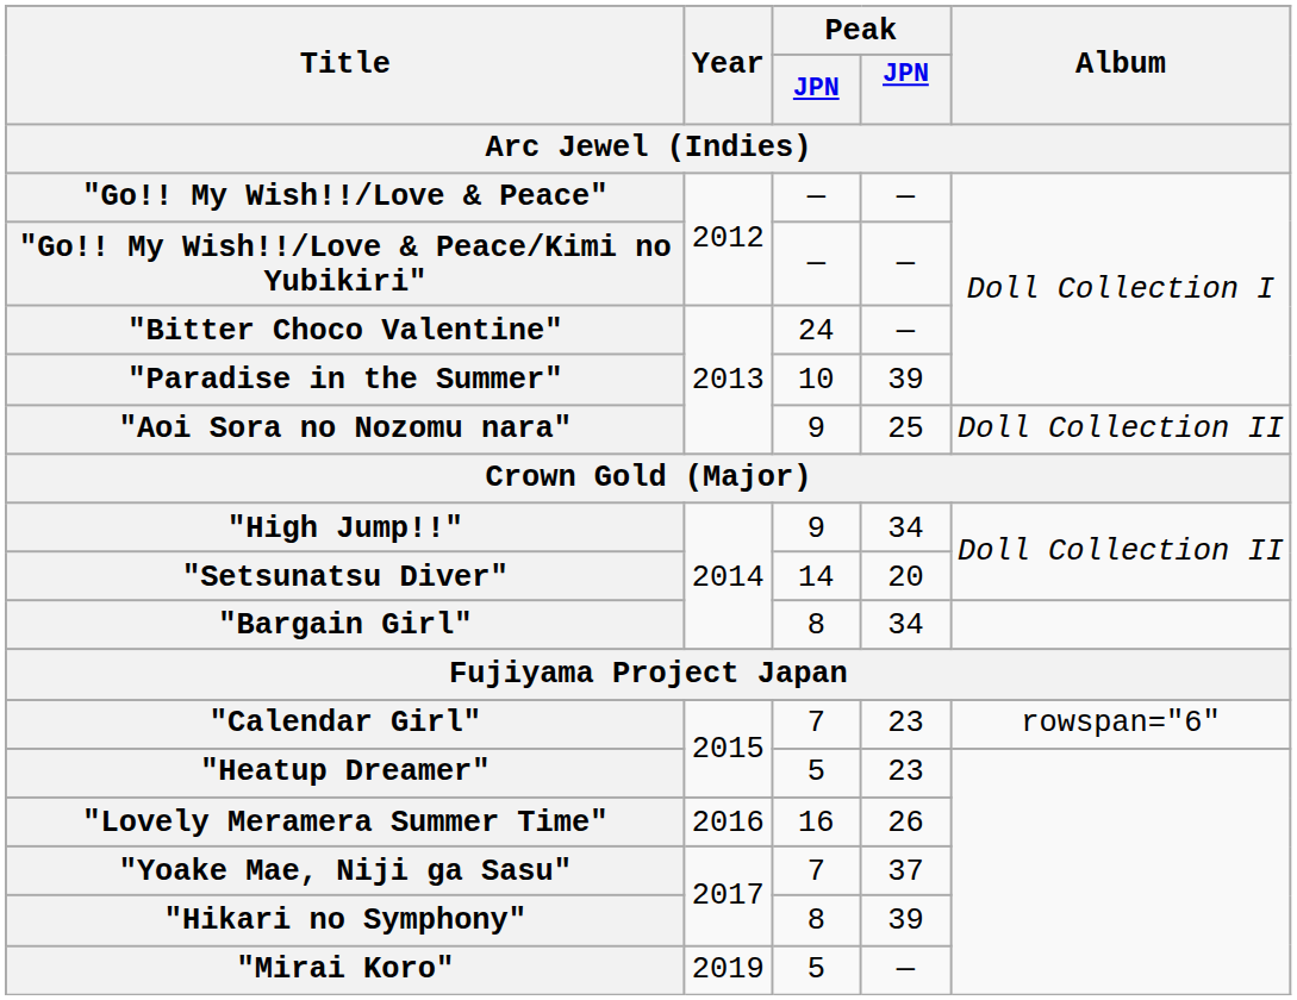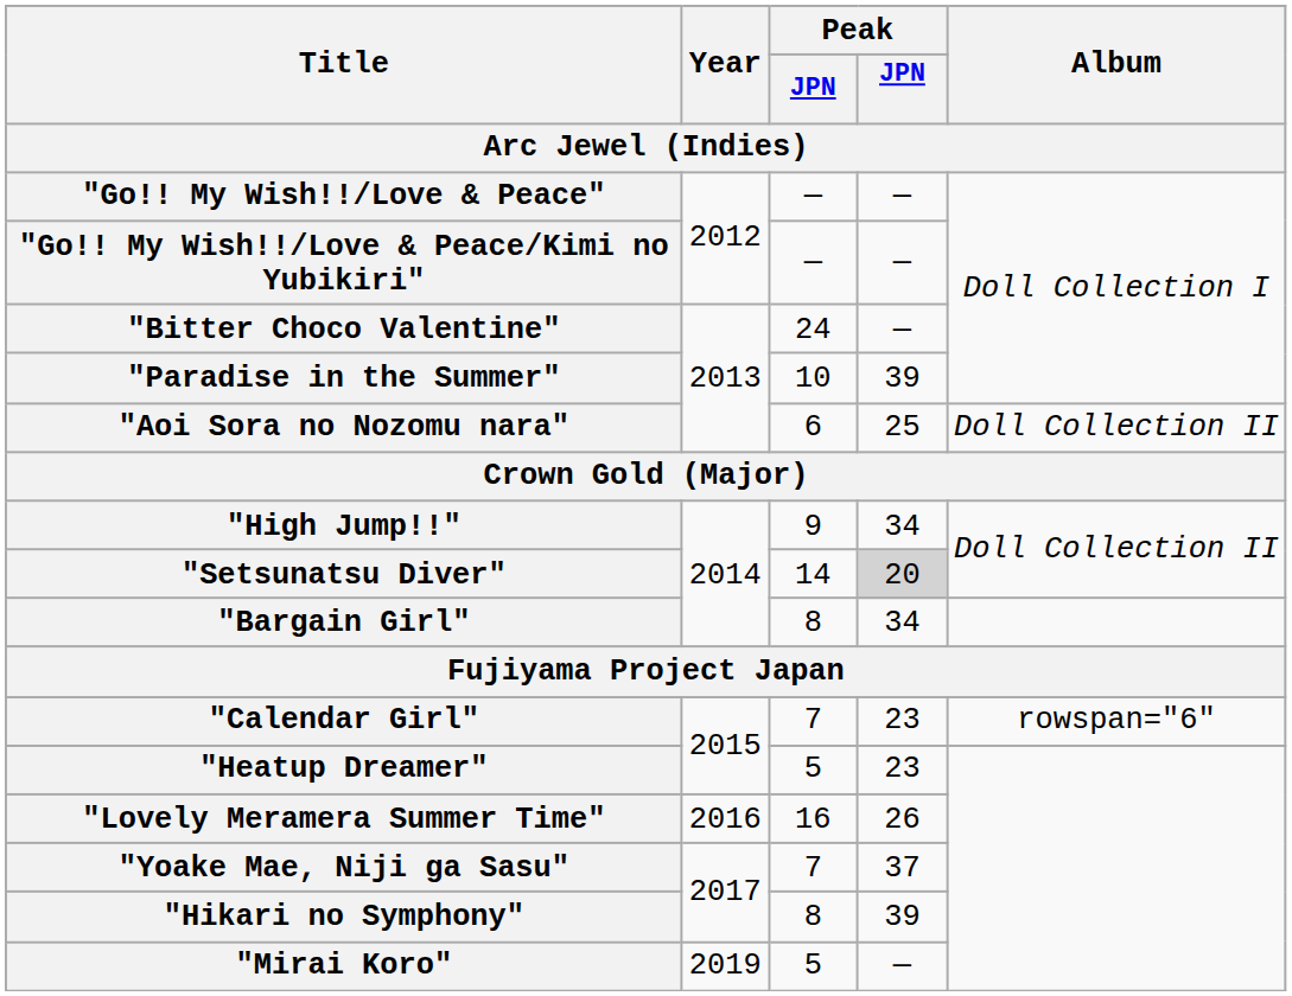 <table class="wikitable plainrowheaders" style="text-align:center;">
 <tr>
 <th scope="colw" rowspan="2" style="width:22em;">Title</th>
 <th scope="col" rowspan="2">Year</th>
 <th scope="col" colspan="2">Peak</th>
 <th scope="col" rowspan="2">Album</th>
 </tr>
 <tr>
 <th scope="col" style="width:3em;font-size:85%;"><a href='#'>JPN</a><br></th>
 <th scope="col" style="width:3em;font-size:85%;"><a href='#'>JPN</a><br><br></th>
 </tr>
 <tr>
 <th colspan="5">Arc Jewel (Indies)</th>
 </tr>
 <tr>
 <th scope="row">"Go!ǃ My Wish!ǃ/Love & Peace"</th>
 <td rowspan="2">2012</td>
 <td>—</td>
 <td>—</td>
 <td rowspan="4"><em>Doll Collection I</em></td>
 </tr>
 <tr>
 <th scope="row">"Go!ǃ My Wish!ǃ/Love & Peace/Kimi no Yubikiri"</th>
 <td>—</td>
 <td>—</td>
 </tr>
 <tr>
 <th scope="row">"Bitter Choco Valentine"</th>
 <td rowspan="3">2013</td>
 <td>24</td>
 <td>—</td>
 </tr>
 <tr>
 <th scope="row">"Paradise in the Summer"</th>
 <td>10</td>
 <td>39</td>
 </tr>
 <tr>
 <th scope="row">"Aoi Sora no Nozomu nara"</th>
-<td>9</td>
+<td>6</td>
 <td>25</td>
 <td><em>Doll Collection II</em></td>
 </tr>
 <tr>
 <th colspan="5">Crown Gold (Major)</th>
 </tr>
 <tr>
 <th scope="row">"High Jump!ǃ"</th>
 <td rowspan="3">2014</td>
 <td>9</td>
 <td>34</td>
 <td rowspan="2"><em>Doll Collection II</em></td>
 </tr>
 <tr>
 <th scope="row">"Setsunatsu Diver"</th>
 <td>14</td>
-<td>20</td>
+<td style="background: lightgrey;">20</td>
 </tr>
 <tr>
 <th scope="row">"Bargain Girl"</th>
 <td>8</td>
 <td>34</td>
 <td></td>
 </tr>
 <tr>
 <th colspan="5">Fujiyama Project Japan</th>
 </tr>
 <tr>
 <th scope="row">"Calendar Girl"</th>
 <td rowspan="2">2015</td>
 <td>7</td>
 <td>23</td>
 <td>rowspan="6" </td>
 </tr>
 <tr>
 <th scope="row">"Heatup Dreamer"</th>
 <td>5</td>
 <td>23</td>
 </tr>
 <tr>
 <th scope="row">"Lovely Meramera Summer Time"</th>
 <td>2016</td>
 <td>16</td>
 <td>26</td>
 </tr>
 <tr>
 <th scope="row">"Yoake Mae, Niji ga Sasu"</th>
 <td rowspan="2">2017</td>
 <td>7</td>
 <td>37</td>
 </tr>
 <tr>
 <th scope="row">"Hikari no Symphony"</th>
 <td>8</td>
 <td>39</td>
 </tr>
 <tr>
 <th scope="row">"Mirai Koro"</th>
 <td>2019</td>
 <td>5</td>
 <td>—</td>
 </tr>
 </table>
